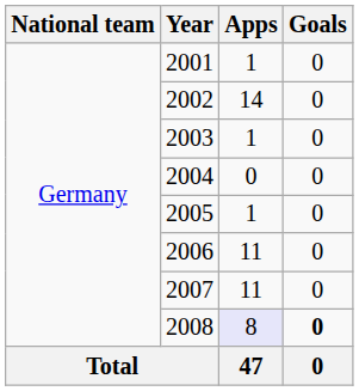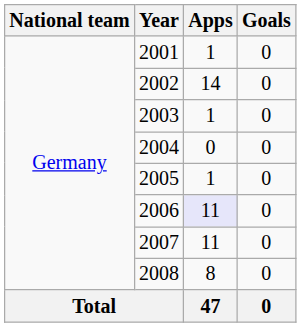 <table class="wikitable" style="text-align: center">
 <tr>
 <th>National team</th>
 <th>Year</th>
 <th>Apps</th>
 <th>Goals</th>
 </tr>
 <tr>
 <td rowspan="8"><a href='#'>Germany</a></td>
 <td>2001</td>
 <td>1</td>
 <td>0</td>
 </tr>
 <tr>
 <td>2002</td>
 <td>14</td>
 <td>0</td>
 </tr>
 <tr>
 <td>2003</td>
 <td>1</td>
 <td>0</td>
 </tr>
 <tr>
 <td>2004</td>
 <td>0</td>
 <td>0</td>
 </tr>
 <tr>
 <td>2005</td>
 <td>1</td>
 <td>0</td>
 </tr>
 <tr>
 <td>2006</td>
-<td>11</td>
+<td style="background: lavender;">11</td>
 <td>0</td>
 </tr>
 <tr>
 <td>2007</td>
 <td>11</td>
 <td>0</td>
 </tr>
 <tr>
 <td>2008</td>
-<td style="background: lavender;">8</td>
-<td><strong>0</strong></td>
+<td>8</td>
+<td>0</td>
 </tr>
 <tr>
 <th colspan="2">Total</th>
 <th>47</th>
 <th>0</th>
 </tr>
 </table>
